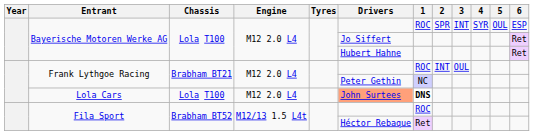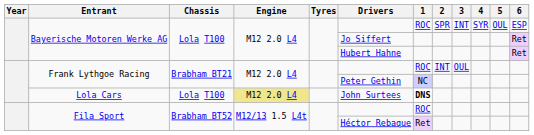 <table class="wikitable" style="text-align:center; font-size:85%">
 <tr>
 <th>Year</th>
 <th>Entrant</th>
 <th>Chassis</th>
 <th>Engine</th>
 <th>Tyres</th>
 <th>Drivers</th>
 <th>1</th>
 <th>2</th>
 <th>3</th>
 <th>4</th>
 <th>5</th>
 <th>6</th>
 </tr>
 <tr>
 <th rowspan=3></th>
 <td rowspan=3><a href='#'>Bayerische Motoren Werke AG</a></td>
 <td rowspan=3><a href='#'>Lola</a> <a href='#'>T100</a></td>
 <td rowspan=3>M12 2.0 <a href='#'>L4</a></td>
 <td rowspan=3></td>
 <td></td>
 <td><a href='#'>ROC</a></td>
 <td><a href='#'>SPR</a></td>
 <td><a href='#'>INT</a></td>
 <td><a href='#'>SYR</a></td>
 <td><a href='#'>OUL</a></td>
 <td><a href='#'>ESP</a></td>
 </tr>
 <tr>
 <td align="left"> <a href='#'>Jo Siffert</a></td>
 <td></td>
 <td></td>
 <td></td>
 <td></td>
 <td></td>
 <td style="background:#EFCFFF;">Ret</td>
 </tr>
 <tr>
 <td align="left"> <a href='#'>Hubert Hahne</a></td>
 <td></td>
 <td></td>
 <td></td>
 <td></td>
 <td></td>
 <td style="background:#EFCFFF;">Ret</td>
 </tr>
 <tr>
 <th rowspan=3></th>
 <td rowspan=2>Frank Lythgoe Racing</td>
 <td rowspan=2><a href='#'>Brabham BT21</a></td>
 <td rowspan=2>M12 2.0 <a href='#'>L4</a></td>
 <td rowspan=2></td>
 <td></td>
 <td><a href='#'>ROC</a></td>
 <td><a href='#'>INT</a></td>
 <td><a href='#'>OUL</a></td>
 <td></td>
 <td></td>
 <td></td>
 </tr>
 <tr>
 <td align="left"> <a href='#'>Peter Gethin</a></td>
 <td style="background:#CFCFFF;">NC</td>
 <td></td>
 <td></td>
 <td></td>
 <td></td>
 <td></td>
 </tr>
 <tr>
 <td><a href='#'>Lola Cars</a></td>
 <td><a href='#'>Lola</a> <a href='#'>T100</a></td>
-<td>M12 2.0 <a href='#'>L4</a></td>
+<td style="background: khaki;">M12 2.0 <a href='#'>L4</a></td>
 <td></td>
-<td align="left" style="background: lightsalmon;"> <a href='#'>John Surtees</a></td>
+<td align="left"> <a href='#'>John Surtees</a></td>
 <td style="background:#FFFFFF;"><strong>DNS</strong></td>
 <td></td>
 <td></td>
 <td></td>
 <td></td>
 <td></td>
 </tr>
 <tr>
 <th rowspan=2></th>
 <td rowspan=2><a href='#'>Fila Sport</a></td>
 <td rowspan=2><a href='#'>Brabham BT52</a></td>
 <td rowspan=2><a href='#'>M12/13</a> 1.5 <a href='#'>L4</a><a href='#'>t</a></td>
 <td rowspan=2></td>
 <td></td>
 <td><a href='#'>ROC</a></td>
 <td></td>
 <td></td>
 <td></td>
 <td></td>
 <td></td>
 </tr>
 <tr>
 <td align="left"> <a href='#'>Héctor Rebaque</a></td>
 <td style="background:#EFCFFF;">Ret</td>
 <td></td>
 <td></td>
 <td></td>
 <td></td>
 <td></td>
 </tr>
 </table>
